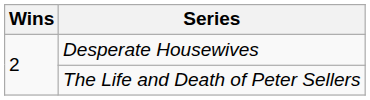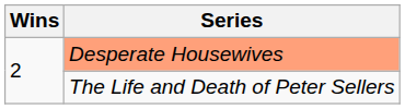 <table class="wikitable">
 <tr>
 <th>Wins</th>
 <th>Series</th>
 </tr>
 <tr>
 <td rowspan="2">2</td>
-<td><em>Desperate Housewives</em></td>
+<td style="background: lightsalmon;"><em>Desperate Housewives</em></td>
 </tr>
 <tr>
 <td><em>The Life and Death of Peter Sellers</em></td>
 </tr>
 </table>
